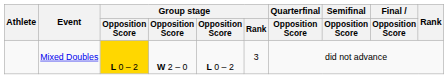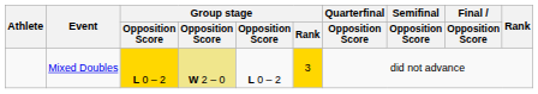 <table class="wikitable" style="font-size:90%">
 <tr>
 <th rowspan=2>Athlete</th>
 <th rowspan=2>Event</th>
 <th colspan=4>Group stage</th>
 <th>Quarterfinal</th>
 <th>Semifinal</th>
 <th>Final / </th>
 <th rowspan=2>Rank</th>
 </tr>
 <tr style="font-size:95%">
 <th>Opposition<br>Score</th>
 <th>Opposition<br>Score</th>
 <th>Opposition<br>Score</th>
 <th>Rank</th>
 <th>Opposition<br>Score</th>
 <th>Opposition<br>Score</th>
 <th>Opposition<br>Score</th>
 </tr>
 <tr align=center>
 <td align=left><br></td>
 <td align=left><a href='#'>Mixed Doubles</a></td>
 <td style="background: gold;"><br><br><strong>L</strong> 0 – 2</td>
-<td><br><br><strong>W</strong> 2 – 0</td>
+<td style="background: khaki;"><br><br><strong>W</strong> 2 – 0</td>
 <td><br><br><strong>L</strong> 0 – 2</td>
-<td>3</td>
+<td style="background: gold;">3</td>
 <td colspan=4>did not advance</td>
 </tr>
 </table>
